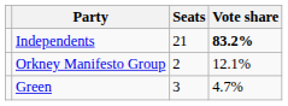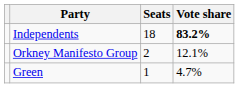 <table class="wikitable">
 <tr>
 <th></th>
 <th scope="col">Party</th>
 <th scope="col">Seats</th>
 <th scope="col">Vote share</th>
 </tr>
 <tr>
 <td style="background-color: "></td>
 <td scope="row"><a href='#'>Independents</a></td>
-<td>21</td>
+<td>18</td>
 <td><strong>83.2%</strong></td>
 </tr>
 <tr>
 <td style="background-color: "></td>
 <td scope="row"><a href='#'>Orkney Manifesto Group</a></td>
 <td>2</td>
 <td>12.1%</td>
 </tr>
 <tr>
 <td style="background-color: "></td>
 <td scope="row"><a href='#'>Green</a></td>
-<td>3</td>
+<td>1</td>
 <td>4.7%</td>
 </tr>
 </table>
